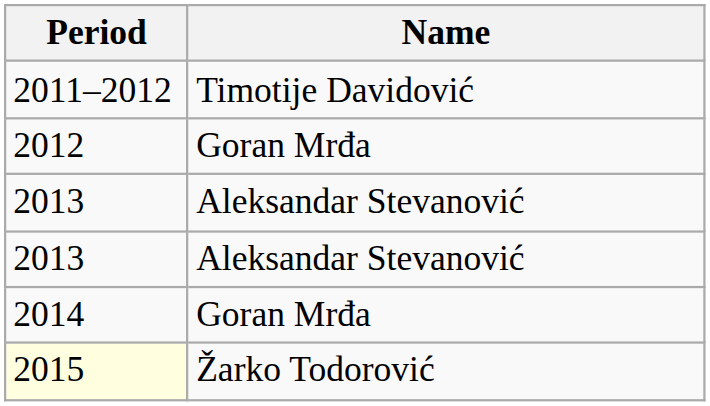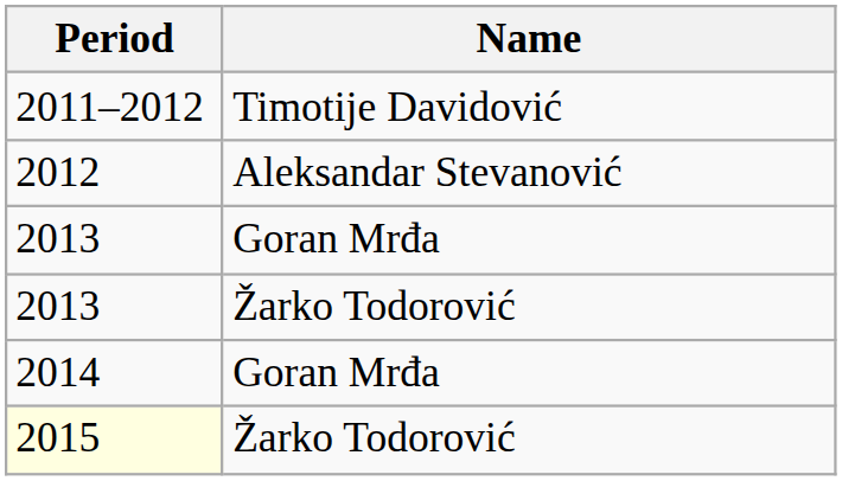 <table class="wikitable">
 <tr>
 <th width="75">Period</th>
 <th width="225">Name</th>
 </tr>
 <tr>
 <td>2011–2012</td>
 <td> Timotije Davidović</td>
 </tr>
 <tr>
 <td>2012</td>
+<td> Aleksandar Stevanović</td>
+</tr>
+<tr>
+<td>2013</td>
 <td> Goran Mrđa</td>
 </tr>
 <tr>
 <td>2013</td>
-<td> Aleksandar Stevanović</td>
-</tr>
-<tr>
-<td>2013</td>
-<td> Aleksandar Stevanović</td>
+<td> Žarko Todorović</td>
 </tr>
 <tr>
 <td>2014</td>
 <td> Goran Mrđa</td>
 </tr>
 <tr>
 <td style="background: lightyellow;">2015</td>
 <td> Žarko Todorović</td>
 </tr>
 </table>
